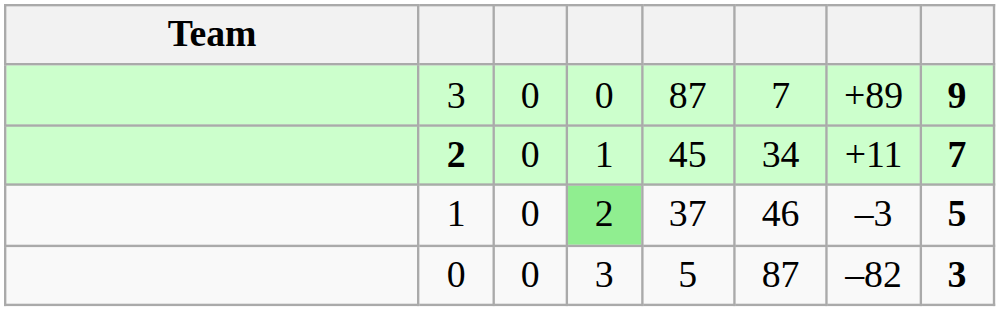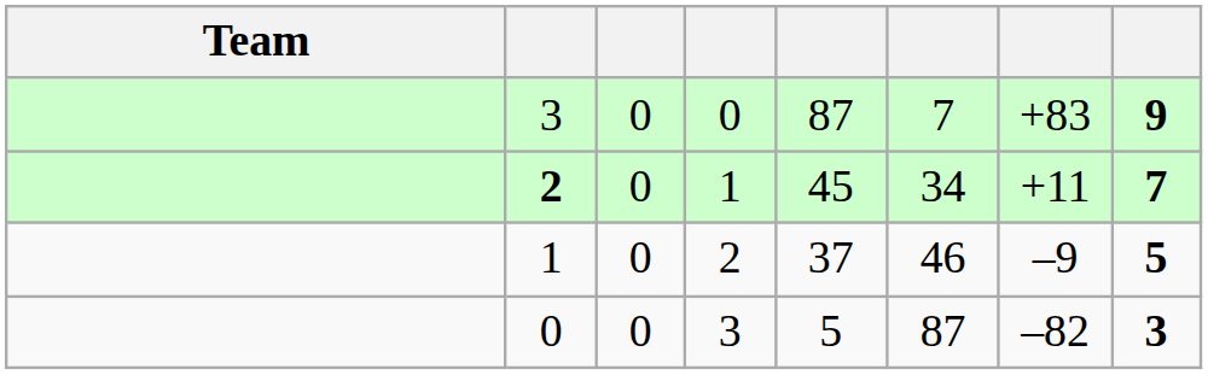 <table class="wikitable" style="text-align:center;">
 <tr>
 <th style="width:10.5em;">Team</th>
 <th style="width:1.5em;"></th>
 <th style="width:1.5em;"></th>
 <th style="width:1.5em;"></th>
 <th style="width:2.0em;"></th>
 <th style="width:2.0em;"></th>
 <th style="width:2.0em;"></th>
 <th style="width:1.5em;"></th>
 </tr>
 <tr bgcolor=#cfc>
 <td align="left"></td>
 <td>3</td>
 <td>0</td>
 <td>0</td>
 <td>87</td>
 <td>7</td>
-<td>+89</td>
+<td>+83</td>
 <td><strong>9</strong></td>
 </tr>
 <tr bgcolor=#cfc>
 <td align="left"></td>
 <td><strong>2</strong></td>
 <td>0</td>
 <td>1</td>
 <td>45</td>
 <td>34</td>
 <td>+11</td>
 <td><strong>7</strong></td>
 </tr>
 <tr>
 <td align="left"></td>
 <td>1</td>
 <td>0</td>
-<td style="background: lightgreen;">2</td>
+<td>2</td>
 <td>37</td>
 <td>46</td>
-<td>–3</td>
+<td>–9</td>
 <td><strong>5</strong></td>
 </tr>
 <tr>
 <td align="left"></td>
 <td>0</td>
 <td>0</td>
 <td>3</td>
 <td>5</td>
 <td>87</td>
 <td>–82</td>
 <td><strong>3</strong></td>
 </tr>
 </table>
